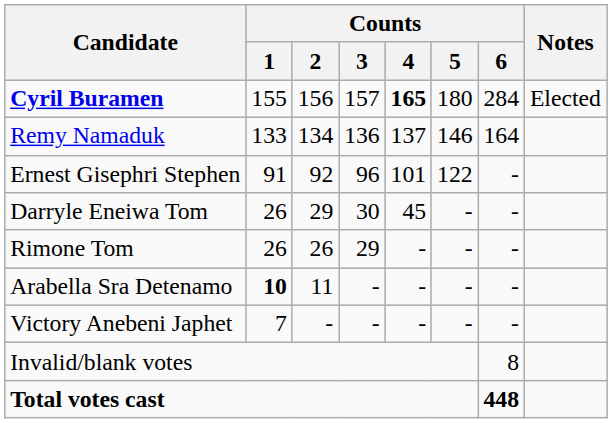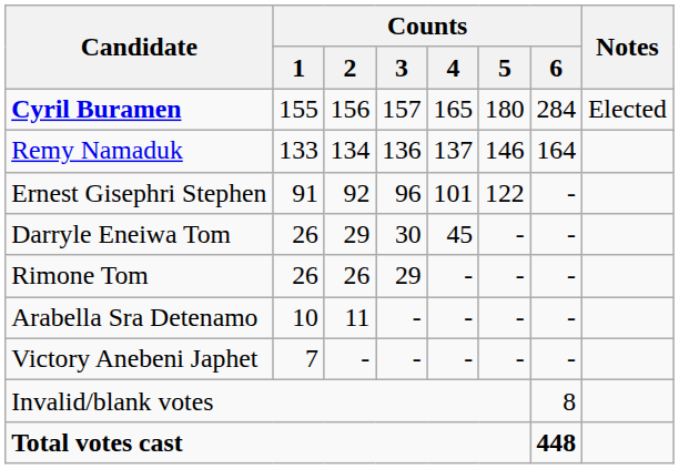 <table class=wikitable style=text-align:right>
 <tr>
 <th rowspan=2>Candidate</th>
 <th colspan=6>Counts</th>
 <th rowspan=2>Notes</th>
 </tr>
 <tr>
 <th>1</th>
 <th>2</th>
 <th>3</th>
 <th>4</th>
 <th>5</th>
 <th>6</th>
 </tr>
 <tr>
 <td align=left><strong><a href='#'>Cyril Buramen</a></strong></td>
 <td>155</td>
 <td>156</td>
 <td>157</td>
-<td><strong>165</strong></td>
+<td>165</td>
 <td>180</td>
 <td>284</td>
 <td align=left>Elected</td>
 </tr>
 <tr>
 <td align=left><a href='#'>Remy Namaduk</a></td>
 <td>133</td>
 <td>134</td>
 <td>136</td>
 <td>137</td>
 <td>146</td>
 <td>164</td>
 <td align=left></td>
 </tr>
 <tr>
 <td align=left>Ernest Gisephri Stephen</td>
 <td>91</td>
 <td>92</td>
 <td>96</td>
 <td>101</td>
 <td>122</td>
 <td>-</td>
 <td align=left></td>
 </tr>
 <tr>
 <td align=left>Darryle Eneiwa Tom</td>
 <td>26</td>
 <td>29</td>
 <td>30</td>
 <td>45</td>
 <td>-</td>
 <td>-</td>
 <td align=left></td>
 </tr>
 <tr>
 <td align=left>Rimone Tom</td>
 <td>26</td>
 <td>26</td>
 <td>29</td>
 <td>-</td>
 <td>-</td>
 <td>-</td>
 <td align=left></td>
 </tr>
 <tr>
 <td align=left>Arabella Sra Detenamo</td>
-<td><strong>10</strong></td>
+<td>10</td>
 <td>11</td>
 <td>-</td>
 <td>-</td>
 <td>-</td>
 <td>-</td>
 <td align=left></td>
 </tr>
 <tr>
 <td align=left>Victory Anebeni Japhet</td>
 <td>7</td>
 <td>-</td>
 <td>-</td>
 <td>-</td>
 <td>-</td>
 <td>-</td>
 <td align=left></td>
 </tr>
 <tr>
 <td align=left colspan=6>Invalid/blank votes</td>
 <td>8</td>
 <td></td>
 </tr>
 <tr>
 <td align=left colspan=6><strong>Total votes cast</strong></td>
 <td><strong>448</strong></td>
 <td></td>
 </tr>
 </table>
